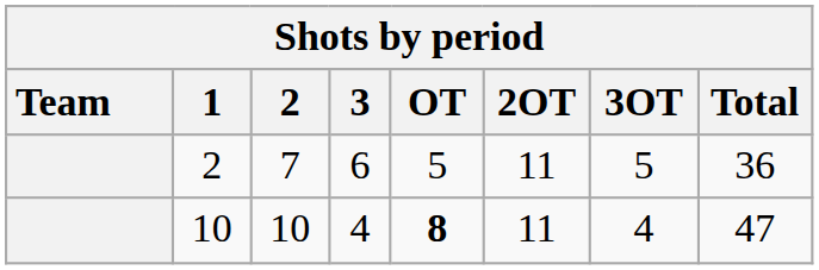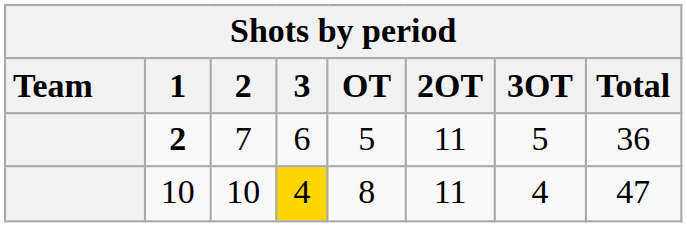 <table style="width: 20em;" class="wikitable">
 <tr>
 <th scope="colgroup" colspan="8">Shots by period</th>
 </tr>
 <tr>
 <th scope="col" style="width:8em; text-align:left;">Team</th>
 <th scope="col" style="width:3em;">1</th>
 <th scope="col" style="width:3em;">2</th>
 <th scope="col" style="width:3em;">3</th>
 <th scope="col" style="width:3em;">OT</th>
 <th scope="col" style="width:3em;">2OT</th>
 <th scope="col" style="width:3em;">3OT</th>
 <th scope="col" style="width:3em;">Total</th>
 </tr>
 <tr style="text-align:center;">
 <th scope="row" style="text-align:left;"></th>
-<td>2</td>
+<td><strong>2</strong></td>
 <td>7</td>
 <td>6</td>
 <td>5</td>
 <td>11</td>
 <td>5</td>
 <td>36</td>
 </tr>
 <tr style="text-align:center;">
 <th scope="row" style="text-align:left;"></th>
 <td>10</td>
 <td>10</td>
-<td>4</td>
-<td><strong>8</strong></td>
+<td style="background: gold;">4</td>
+<td>8</td>
 <td>11</td>
 <td>4</td>
 <td>47</td>
 </tr>
 </table>
